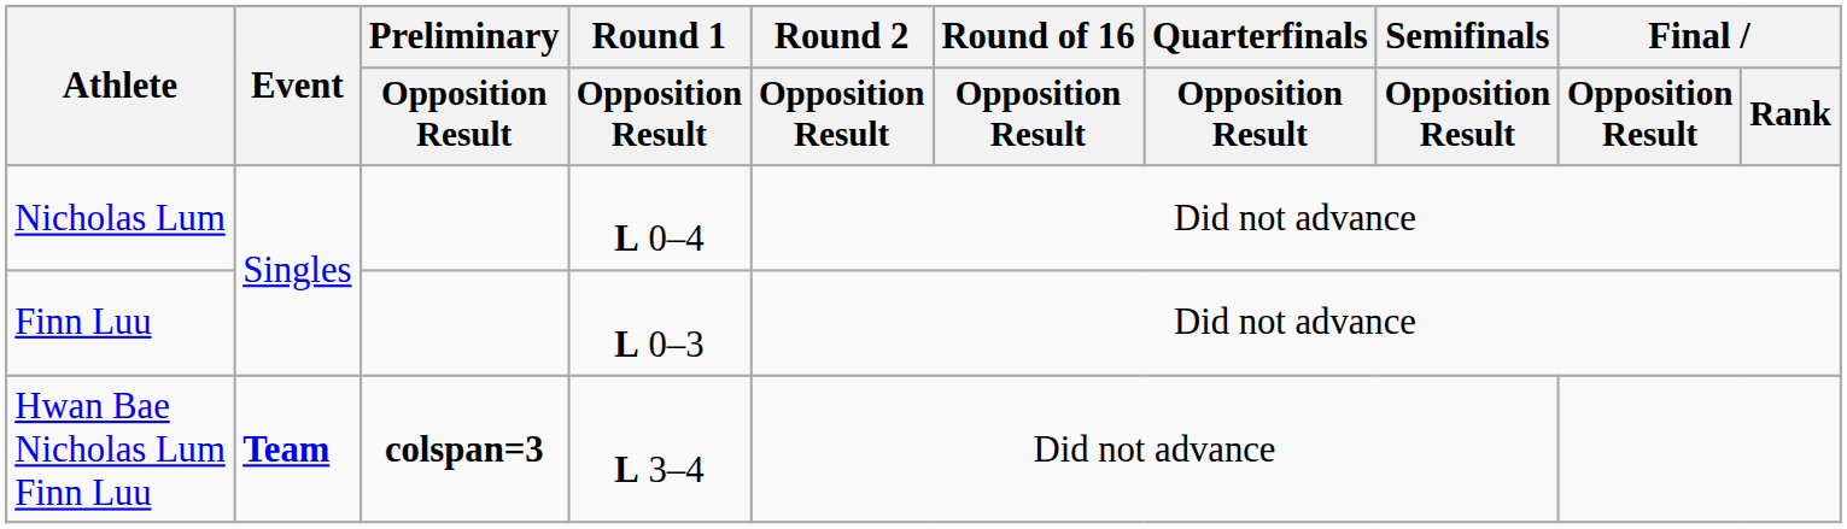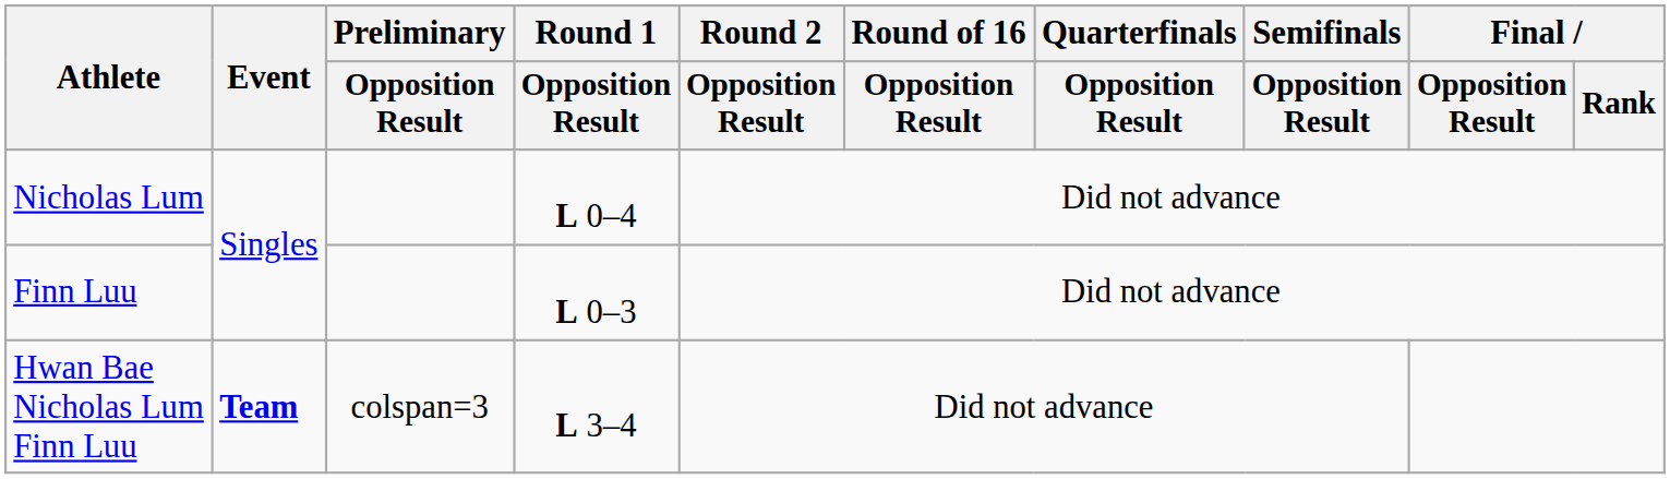 <table class=wikitable style=font-size:90%;text-align:center>
 <tr>
 <th rowspan=2>Athlete</th>
 <th rowspan=2>Event</th>
 <th>Preliminary</th>
 <th>Round 1</th>
 <th>Round 2</th>
 <th>Round of 16</th>
 <th>Quarterfinals</th>
 <th>Semifinals</th>
 <th colspan=2>Final / </th>
 </tr>
 <tr style=font-size:95%>
 <th>Opposition<br>Result</th>
 <th>Opposition<br>Result</th>
 <th>Opposition<br>Result</th>
 <th>Opposition<br>Result</th>
 <th>Opposition<br>Result</th>
 <th>Opposition<br>Result</th>
 <th>Opposition<br>Result</th>
 <th>Rank</th>
 </tr>
 <tr>
 <td align=left><a href='#'>Nicholas Lum</a></td>
 <td align=left rowspan=2><a href='#'>Singles</a></td>
 <td></td>
 <td><br><strong>L</strong> 0–4</td>
 <td colspan=6>Did not advance</td>
 </tr>
 <tr>
 <td align=left><a href='#'>Finn Luu</a></td>
 <td></td>
 <td><br> <strong>L</strong> 0–3</td>
 <td colspan=6>Did not advance</td>
 </tr>
 <tr>
 <td align=left><a href='#'>Hwan Bae</a><br><a href='#'>Nicholas Lum</a><br><a href='#'>Finn Luu</a></td>
 <td align=left><strong><a href='#'>Team</a></strong></td>
-<td><strong>colspan=3 </strong></td>
+<td>colspan=3 </td>
 <td><br><strong>L</strong> 3–4</td>
 <td colspan=4>Did not advance</td>
 </tr>
 </table>
